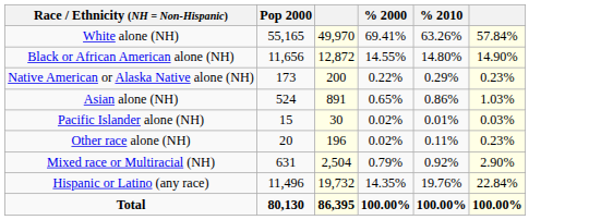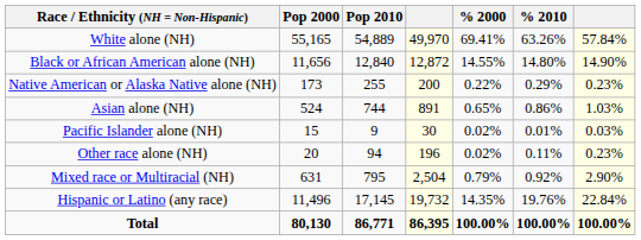 <table class="wikitable"style="text-align:center;">
 <tr>
 <th>Race / Ethnicity <small>(<em>NH = Non-Hispanic</em>)</small></th>
 <th>Pop 2000</th>
+<th>Pop 2010</th>
 <th></th>
 <th>% 2000</th>
 <th>% 2010</th>
 <th></th>
 </tr>
 <tr>
 <td><a href='#'>White</a> alone (NH)</td>
 <td>55,165</td>
+<td>54,889</td>
 <td style='background: #ffffe6;'>49,970</td>
 <td>69.41%</td>
 <td>63.26%</td>
 <td style='background: #ffffe6;'>57.84%</td>
 </tr>
 <tr>
 <td><a href='#'>Black or African American</a> alone (NH)</td>
 <td>11,656</td>
+<td>12,840</td>
 <td style='background: #ffffe6;'>12,872</td>
 <td>14.55%</td>
 <td>14.80%</td>
 <td style='background: #ffffe6;'>14.90%</td>
 </tr>
 <tr>
 <td><a href='#'>Native American</a> or <a href='#'>Alaska Native</a> alone (NH)</td>
 <td>173</td>
+<td>255</td>
 <td style='background: #ffffe6;'>200</td>
 <td>0.22%</td>
 <td>0.29%</td>
 <td style='background: #ffffe6;'>0.23%</td>
 </tr>
 <tr>
 <td><a href='#'>Asian</a> alone (NH)</td>
 <td>524</td>
+<td>744</td>
 <td style='background: #ffffe6;'>891</td>
 <td>0.65%</td>
 <td>0.86%</td>
 <td style='background: #ffffe6;'>1.03%</td>
 </tr>
 <tr>
 <td><a href='#'>Pacific Islander</a> alone (NH)</td>
 <td>15</td>
+<td>9</td>
 <td style='background: #ffffe6;'>30</td>
 <td>0.02%</td>
 <td>0.01%</td>
 <td style='background: #ffffe6;'>0.03%</td>
 </tr>
 <tr>
 <td><a href='#'>Other race</a> alone (NH)</td>
 <td>20</td>
+<td>94</td>
 <td style='background: #ffffe6;'>196</td>
 <td>0.02%</td>
 <td>0.11%</td>
 <td style='background: #ffffe6;'>0.23%</td>
 </tr>
 <tr>
 <td><a href='#'>Mixed race or Multiracial</a> (NH)</td>
 <td>631</td>
+<td>795</td>
 <td style='background: #ffffe6;'>2,504</td>
 <td>0.79%</td>
 <td>0.92%</td>
 <td style='background: #ffffe6;'>2.90%</td>
 </tr>
 <tr>
 <td><a href='#'>Hispanic or Latino</a> (any race)</td>
 <td>11,496</td>
+<td>17,145</td>
 <td style='background: #ffffe6;'>19,732</td>
 <td>14.35%</td>
 <td>19.76%</td>
 <td style='background: #ffffe6;'>22.84%</td>
 </tr>
 <tr>
 <td><strong>Total</strong></td>
 <td><strong>80,130</strong></td>
+<td><strong>86,771</strong></td>
 <td style='background: #ffffe6;'><strong>86,395</strong></td>
 <td><strong>100.00%</strong></td>
 <td><strong>100.00%</strong></td>
 <td style='background: #ffffe6;'><strong>100.00%</strong></td>
 </tr>
 </table>
